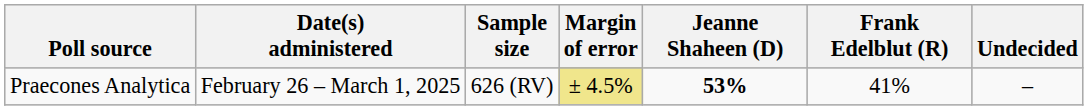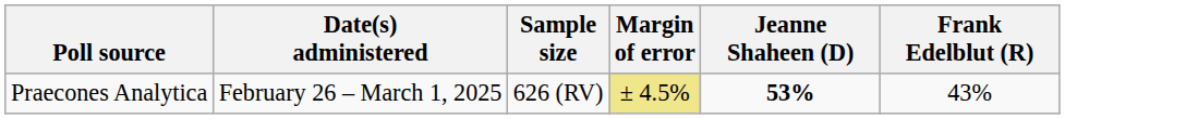 <table class="wikitable" style="font-size:90%;text-align:center;">
 <tr valign=bottom>
 <th>Poll source</th>
 <th>Date(s)<br>administered</th>
 <th>Sample<br>size</th>
 <th>Margin<br>of error</th>
 <th style="width:100px;">Jeanne<br>Shaheen (D)</th>
 <th style="width:100px;">Frank<br>Edelblut (R)</th>
-<th>Undecided</th>
 </tr>
 <tr>
 <td style="text-align:left;">Praecones Analytica</td>
 <td>February 26 – March 1, 2025</td>
 <td>626 (RV)</td>
 <td style="background: khaki;">± 4.5%</td>
 <td style="background-color:"><strong>53%</strong></td>
-<td>41%</td>
-<td>–</td>
+<td>43%</td>
 </tr>
 </table>
